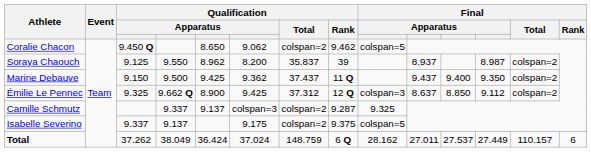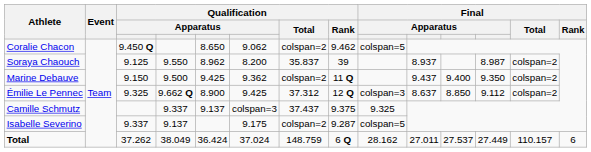 <table class="wikitable" style="font-size:90%">
 <tr>
 <th rowspan=3>Athlete</th>
 <th rowspan=3>Event</th>
 <th colspan=6>Qualification</th>
 <th colspan=6>Final</th>
 </tr>
 <tr style="font-size:95%">
 <th colspan=4>Apparatus</th>
 <th rowspan=2>Total</th>
 <th rowspan=2>Rank</th>
 <th colspan=4>Apparatus</th>
 <th rowspan=2>Total</th>
 <th rowspan=2>Rank</th>
 </tr>
 <tr style="font-size:95%">
 <th></th>
 <th></th>
 <th></th>
 <th></th>
 <th></th>
 <th></th>
 <th></th>
 <th></th>
 </tr>
 <tr align=center>
 <td align=left><a href='#'>Coralie Chacon</a></td>
 <td align=left rowspan=7><a href='#'>Team</a></td>
 <td>9.450 <strong>Q</strong></td>
 <td></td>
 <td>8.650</td>
 <td>9.062</td>
 <td>colspan=2 </td>
 <td>9.462</td>
 <td>colspan=5 </td>
 </tr>
 <tr align=center>
 <td align=left><a href='#'>Soraya Chaouch</a></td>
 <td>9.125</td>
 <td>9.550</td>
 <td>8.962</td>
 <td>8.200</td>
 <td>35.837</td>
 <td>39</td>
 <td></td>
 <td>8.937</td>
 <td></td>
 <td>8.987</td>
 <td>colspan=2 </td>
 </tr>
 <tr align=center>
 <td align=left><a href='#'>Marine Debauve</a></td>
 <td>9.150</td>
 <td>9.500</td>
 <td>9.425</td>
 <td>9.362</td>
-<td>37.437</td>
+<td>colspan=2 </td>
 <td>11 <strong>Q</strong></td>
 <td></td>
 <td>9.437</td>
 <td>9.400</td>
 <td>9.350</td>
 <td>colspan=2 </td>
 </tr>
 <tr align=center>
 <td align=left><a href='#'>Émilie Le Pennec</a></td>
 <td>9.325</td>
 <td>9.662 <strong>Q</strong></td>
 <td>8.900</td>
 <td>9.425</td>
 <td>37.312</td>
 <td>12 <strong>Q</strong></td>
 <td>colspan=3 </td>
 <td>8.637</td>
 <td>8.850</td>
 <td>9.112</td>
 <td>colspan=2 </td>
 </tr>
 <tr align=center>
 <td align=left><a href='#'>Camille Schmutz</a></td>
 <td></td>
 <td>9.337</td>
 <td>9.137</td>
 <td>colspan=3 </td>
-<td>colspan=2 </td>
-<td>9.287</td>
+<td>37.437</td>
+<td>9.375</td>
 <td>9.325</td>
 </tr>
 <tr align=center>
 <td align=left><a href='#'>Isabelle Severino</a></td>
 <td>9.337</td>
 <td>9.137</td>
 <td></td>
 <td>9.175</td>
 <td>colspan=2 </td>
-<td>9.375</td>
+<td>9.287</td>
 <td>colspan=5 </td>
 </tr>
 <tr align=center>
 <td align=left><strong>Total</strong></td>
 <td>37.262</td>
 <td>38.049</td>
 <td>36.424</td>
 <td>37.024</td>
 <td>148.759</td>
 <td>6 <strong>Q</strong></td>
 <td>28.162</td>
 <td>27.011</td>
 <td>27.537</td>
 <td>27.449</td>
 <td>110.157</td>
 <td>6</td>
 </tr>
 </table>
